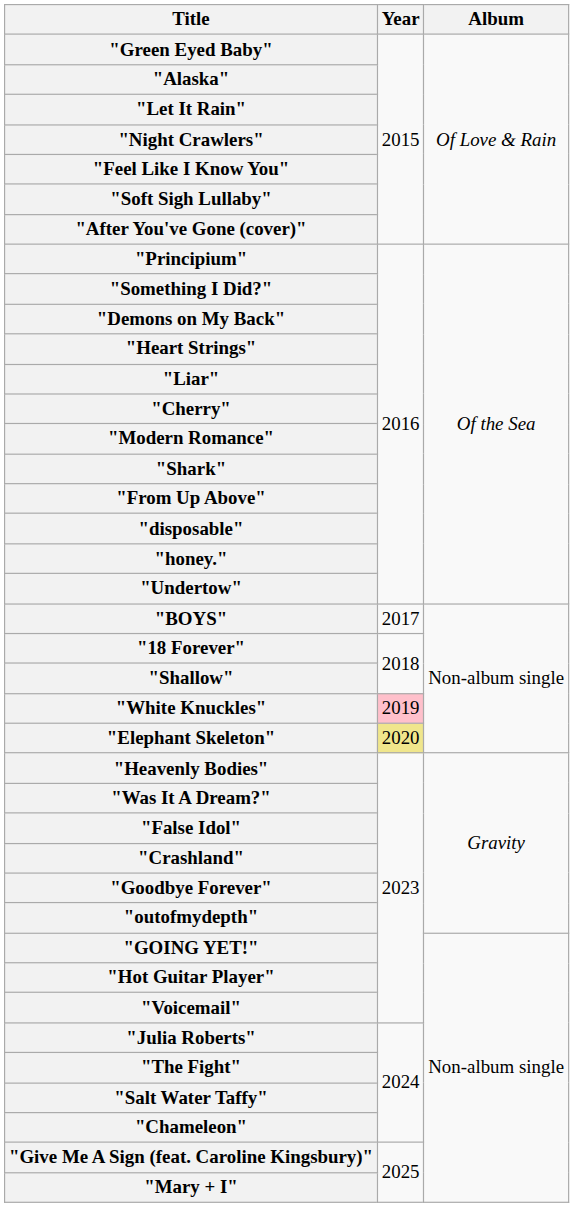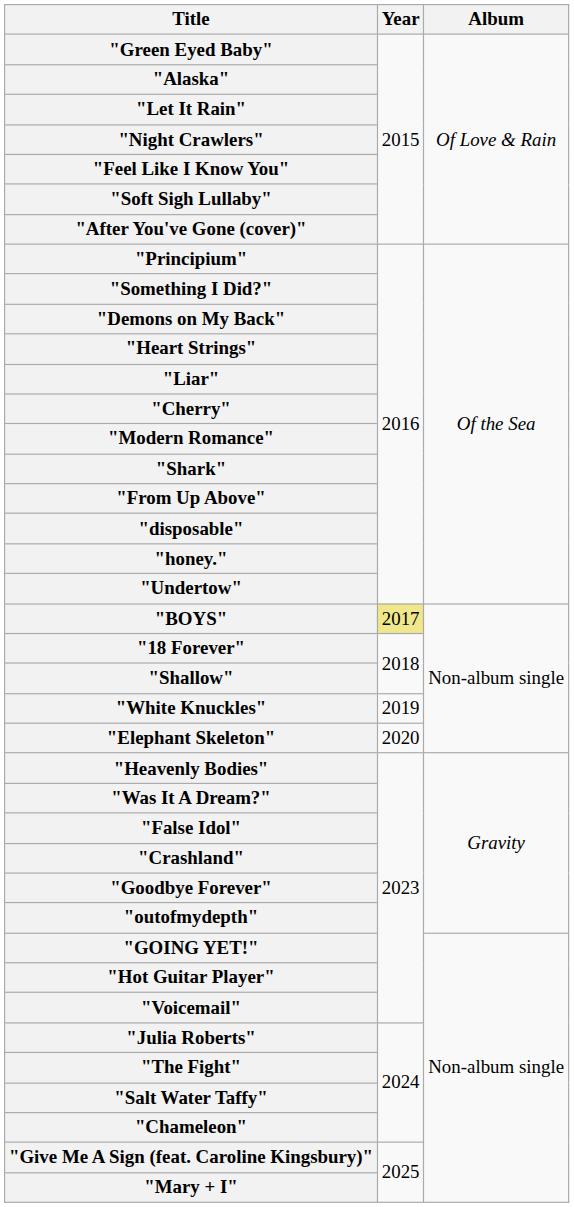 <table class="wikitable plainrowheaders" style="text-align:center;">
 <tr>
 <th scope="col">Title</th>
 <th scope="col">Year</th>
 <th scope="col">Album</th>
 </tr>
 <tr>
 <th scope="row">"Green Eyed Baby"</th>
 <td rowspan="7">2015</td>
 <td rowspan="7"><em>Of Love & Rain</em></td>
 </tr>
 <tr>
 <th scope="row">"Alaska"</th>
 </tr>
 <tr>
 <th scope="row">"Let It Rain"</th>
 </tr>
 <tr>
 <th scope="row">"Night Crawlers"</th>
 </tr>
 <tr>
 <th scope="row">"Feel Like I Know You"</th>
 </tr>
 <tr>
 <th scope="row">"Soft Sigh Lullaby"</th>
 </tr>
 <tr>
 <th scope="row">"After You've Gone (cover)"</th>
 </tr>
 <tr>
 <th scope="row">"Principium"</th>
 <td rowspan="12">2016</td>
 <td rowspan="12"><em>Of the Sea</em></td>
 </tr>
 <tr>
 <th scope="row">"Something I Did?"</th>
 </tr>
 <tr>
 <th scope="row">"Demons on My Back"</th>
 </tr>
 <tr>
 <th scope="row">"Heart Strings"</th>
 </tr>
 <tr>
 <th scope="row">"Liar"</th>
 </tr>
 <tr>
 <th scope="row">"Cherry"</th>
 </tr>
 <tr>
 <th scope="row">"Modern Romance"</th>
 </tr>
 <tr>
 <th scope="row">"Shark"</th>
 </tr>
 <tr>
 <th scope="row">"From Up Above"</th>
 </tr>
 <tr>
 <th scope="row">"disposable"</th>
 </tr>
 <tr>
 <th scope="row">"honey."</th>
 </tr>
 <tr>
 <th scope="row">"Undertow"</th>
 </tr>
 <tr>
 <th scope="row">"BOYS"</th>
-<td rowspan="1">2017</td>
+<td rowspan="1" style="background: khaki;">2017</td>
 <td rowspan="5">Non-album single</td>
 </tr>
 <tr>
 <th scope="row">"18 Forever"</th>
 <td rowspan="2">2018</td>
 </tr>
 <tr>
 <th scope="row">"Shallow"</th>
 </tr>
 <tr>
 <th scope="row">"White Knuckles"</th>
-<td rowspan="1" style="background: pink;">2019</td>
+<td rowspan="1">2019</td>
 </tr>
 <tr>
 <th scope="row">"Elephant Skeleton"</th>
-<td rowspan="1" style="background: khaki;">2020</td>
+<td rowspan="1">2020</td>
 </tr>
 <tr>
 <th scope="row">"Heavenly Bodies"</th>
 <td rowspan="9">2023</td>
 <td rowspan="6"><em>Gravity</em></td>
 </tr>
 <tr>
 <th scope="row">"Was It A Dream?"</th>
 </tr>
 <tr>
 <th scope="row">"False Idol"</th>
 </tr>
 <tr>
 <th scope="row">"Crashland"</th>
 </tr>
 <tr>
 <th scope="row">"Goodbye Forever"</th>
 </tr>
 <tr>
 <th scope="row">"outofmydepth"</th>
 </tr>
 <tr>
 <th scope="row">"GOING YET!"</th>
 <td rowspan="9">Non-album single</td>
 </tr>
 <tr>
 <th scope="row">"Hot Guitar Player"</th>
 </tr>
 <tr>
 <th scope="row">"Voicemail"</th>
 </tr>
 <tr>
 <th scope="row">"Julia Roberts"</th>
 <td rowspan="4">2024</td>
 </tr>
 <tr>
 <th scope="row">"The Fight"</th>
 </tr>
 <tr>
 <th scope="row">"Salt Water Taffy"</th>
 </tr>
 <tr>
 <th scope="row">"Chameleon"</th>
 </tr>
 <tr>
 <th scope="row">"Give Me A Sign (feat. Caroline Kingsbury)"</th>
 <td rowspan="2">2025</td>
 </tr>
 <tr>
 <th scope="row">"Mary + I"</th>
 </tr>
 </table>
